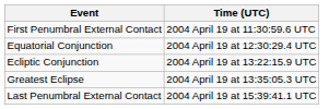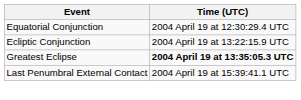 <table class="wikitable">
 <tr>
 <th>Event</th>
 <th>Time (UTC)</th>
-</tr>
-<tr>
-<td>First Penumbral External Contact</td>
-<td>2004 April 19 at 11:30:59.6 UTC</td>
 </tr>
 <tr>
 <td>Equatorial Conjunction</td>
 <td>2004 April 19 at 12:30:29.4 UTC</td>
 </tr>
 <tr>
 <td>Ecliptic Conjunction</td>
 <td>2004 April 19 at 13:22:15.9 UTC</td>
 </tr>
 <tr>
 <td>Greatest Eclipse</td>
-<td>2004 April 19 at 13:35:05.3 UTC</td>
+<td><strong>2004 April 19 at 13:35:05.3 UTC</strong></td>
 </tr>
 <tr>
 <td>Last Penumbral External Contact</td>
 <td>2004 April 19 at 15:39:41.1 UTC</td>
 </tr>
 </table>
